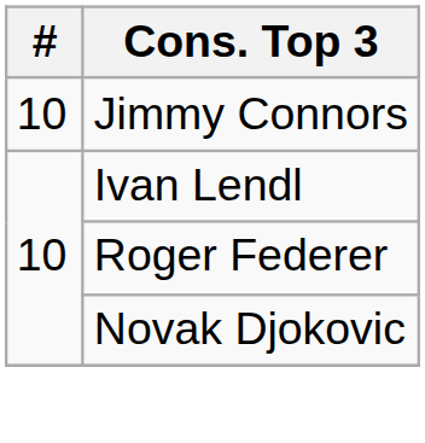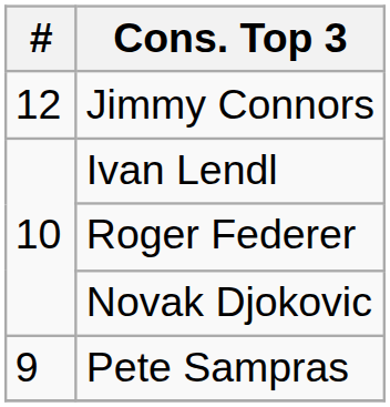 <table class="wikitable" style="display:inline-table;">
 <tr>
 <th width=20>#</th>
 <th>Cons. Top 3</th>
 </tr>
 <tr>
-<td>10</td>
+<td>12</td>
 <td> Jimmy Connors</td>
 </tr>
 <tr>
 <td rowspan ="3">10</td>
 <td> Ivan Lendl</td>
 </tr>
 <tr>
 <td> Roger Federer</td>
 </tr>
 <tr>
 <td> Novak Djokovic</td>
 </tr>
 <tr>
+<td>9</td>
+<td> Pete Sampras</td>
+</tr>
+<tr>
 </tr>
 </table>
